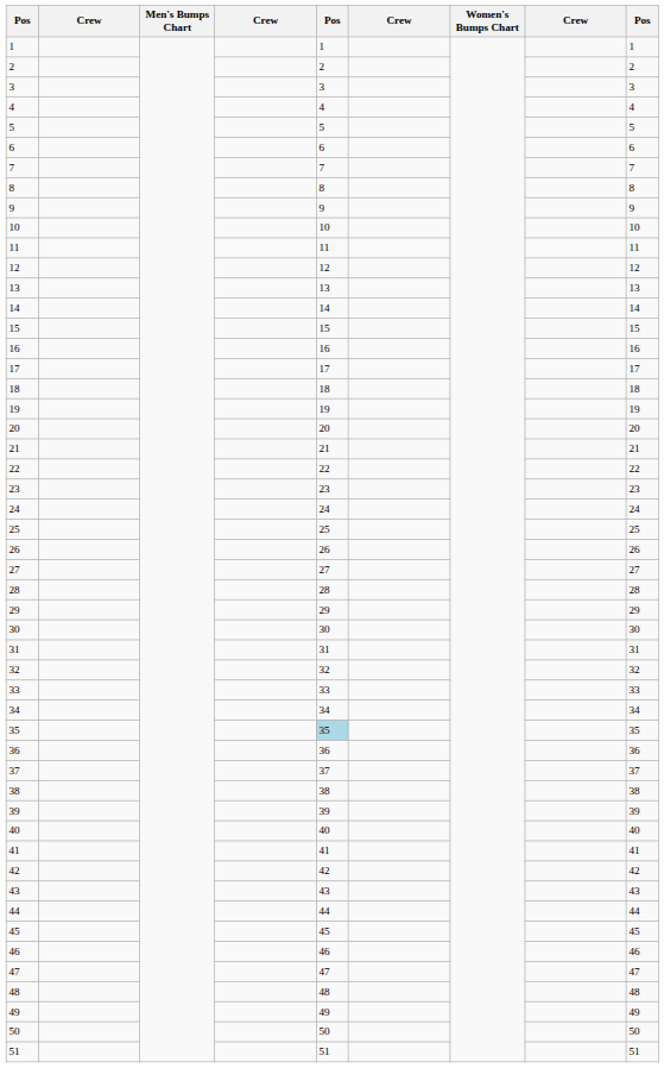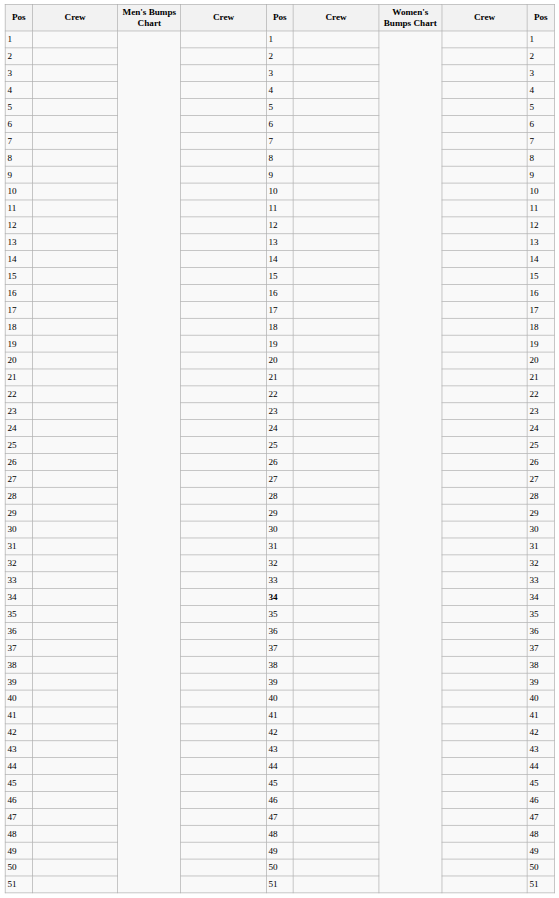 <table class="wikitable" style="font-size:88%; white-space:nowrap; margin:0.5em auto">
 <tr style="white-space:normal">
 <th width=35>Pos</th>
 <th width=125>Crew</th>
 <th width=90>Men's Bumps Chart</th>
 <th width=125>Crew</th>
 <th width=35>Pos</th>
 <th width=125>Crew</th>
 <th width=90>Women's Bumps Chart</th>
 <th width=125>Crew</th>
 <th width=35>Pos</th>
 </tr>
 <tr style="height:26px">
 <td>1</td>
 <td></td>
 <td rowspan="51" style="padding:0"><br></td>
 <td></td>
 <td>1</td>
 <td></td>
 <td rowspan="51" style="padding:0"><br></td>
 <td></td>
 <td>1</td>
 </tr>
 <tr style="height:26px">
 <td>2</td>
 <td></td>
 <td></td>
 <td>2</td>
 <td></td>
 <td></td>
 <td>2</td>
 </tr>
 <tr style="height:26px">
 <td>3</td>
 <td></td>
 <td></td>
 <td>3</td>
 <td></td>
 <td></td>
 <td>3</td>
 </tr>
 <tr style="height:26px">
 <td>4</td>
 <td></td>
 <td></td>
 <td>4</td>
 <td></td>
 <td></td>
 <td>4</td>
 </tr>
 <tr style="height:26px">
 <td>5</td>
 <td></td>
 <td></td>
 <td>5</td>
 <td></td>
 <td></td>
 <td>5</td>
 </tr>
 <tr style="height:26px">
 <td>6</td>
 <td></td>
 <td></td>
 <td>6</td>
 <td></td>
 <td></td>
 <td>6</td>
 </tr>
 <tr style="height:26px">
 <td>7</td>
 <td></td>
 <td></td>
 <td>7</td>
 <td></td>
 <td></td>
 <td>7</td>
 </tr>
 <tr style="height:26px">
 <td>8</td>
 <td></td>
 <td></td>
 <td>8</td>
 <td></td>
 <td></td>
 <td>8</td>
 </tr>
 <tr style="height:26px">
 <td>9</td>
 <td></td>
 <td></td>
 <td>9</td>
 <td></td>
 <td></td>
 <td>9</td>
 </tr>
 <tr style="height:26px">
 <td>10</td>
 <td></td>
 <td></td>
 <td>10</td>
 <td></td>
 <td></td>
 <td>10</td>
 </tr>
 <tr style="height:26px">
 <td>11</td>
 <td></td>
 <td></td>
 <td>11</td>
 <td></td>
 <td></td>
 <td>11</td>
 </tr>
 <tr style="height:26px">
 <td>12</td>
 <td></td>
 <td></td>
 <td>12</td>
 <td></td>
 <td></td>
 <td>12</td>
 </tr>
 <tr style="height:26px">
 <td>13</td>
 <td></td>
 <td></td>
 <td>13</td>
 <td></td>
 <td></td>
 <td>13</td>
 </tr>
 <tr style="height:26px">
 <td>14</td>
 <td></td>
 <td></td>
 <td>14</td>
 <td></td>
 <td></td>
 <td>14</td>
 </tr>
 <tr style="height:26px">
 <td>15</td>
 <td></td>
 <td></td>
 <td>15</td>
 <td></td>
 <td></td>
 <td>15</td>
 </tr>
 <tr style="height:26px">
 <td>16</td>
 <td></td>
 <td></td>
 <td>16</td>
 <td></td>
 <td></td>
 <td>16</td>
 </tr>
 <tr style="height:26px">
 <td>17</td>
 <td></td>
 <td></td>
 <td>17</td>
 <td></td>
 <td></td>
 <td>17</td>
 </tr>
 <tr style="height:26px">
 <td>18</td>
 <td></td>
 <td></td>
 <td>18</td>
 <td></td>
 <td></td>
 <td>18</td>
 </tr>
 <tr style="height:26px">
 <td>19</td>
 <td></td>
 <td></td>
 <td>19</td>
 <td></td>
 <td></td>
 <td>19</td>
 </tr>
 <tr style="height:26px">
 <td>20</td>
 <td></td>
 <td></td>
 <td>20</td>
 <td></td>
 <td></td>
 <td>20</td>
 </tr>
 <tr style="height:26px">
 <td>21</td>
 <td></td>
 <td></td>
 <td>21</td>
 <td></td>
 <td></td>
 <td>21</td>
 </tr>
 <tr style="height:26px">
 <td>22</td>
 <td></td>
 <td></td>
 <td>22</td>
 <td></td>
 <td></td>
 <td>22</td>
 </tr>
 <tr style="height:26px">
 <td>23</td>
 <td></td>
 <td></td>
 <td>23</td>
 <td></td>
 <td></td>
 <td>23</td>
 </tr>
 <tr style="height:26px">
 <td>24</td>
 <td></td>
 <td></td>
 <td>24</td>
 <td></td>
 <td></td>
 <td>24</td>
 </tr>
 <tr style="height:26px">
 <td>25</td>
 <td></td>
 <td></td>
 <td>25</td>
 <td></td>
 <td></td>
 <td>25</td>
 </tr>
 <tr style="height:26px">
 <td>26</td>
 <td></td>
 <td></td>
 <td>26</td>
 <td></td>
 <td></td>
 <td>26</td>
 </tr>
 <tr style="height:26px">
 <td>27</td>
 <td></td>
 <td></td>
 <td>27</td>
 <td></td>
 <td></td>
 <td>27</td>
 </tr>
 <tr style="height:26px">
 <td>28</td>
 <td></td>
 <td></td>
 <td>28</td>
 <td></td>
 <td></td>
 <td>28</td>
 </tr>
 <tr style="height:26px">
 <td>29</td>
 <td></td>
 <td></td>
 <td>29</td>
 <td></td>
 <td></td>
 <td>29</td>
 </tr>
 <tr style="height:26px">
 <td>30</td>
 <td></td>
 <td></td>
 <td>30</td>
 <td></td>
 <td></td>
 <td>30</td>
 </tr>
 <tr style="height:26px">
 <td>31</td>
 <td></td>
 <td></td>
 <td>31</td>
 <td></td>
 <td></td>
 <td>31</td>
 </tr>
 <tr style="height:26px">
 <td>32</td>
 <td></td>
 <td></td>
 <td>32</td>
 <td></td>
 <td></td>
 <td>32</td>
 </tr>
 <tr style="height:26px">
 <td>33</td>
 <td></td>
 <td></td>
 <td>33</td>
 <td></td>
 <td></td>
 <td>33</td>
 </tr>
 <tr style="height:26px">
 <td>34</td>
 <td></td>
 <td></td>
-<td>34</td>
+<td><strong>34</strong></td>
 <td></td>
 <td></td>
 <td>34</td>
 </tr>
 <tr style="height:26px">
 <td>35</td>
 <td></td>
 <td></td>
-<td style="background: lightblue;">35</td>
+<td>35</td>
 <td></td>
 <td></td>
 <td>35</td>
 </tr>
 <tr style="height:26px">
 <td>36</td>
 <td></td>
 <td></td>
 <td>36</td>
 <td></td>
 <td></td>
 <td>36</td>
 </tr>
 <tr style="height:26px">
 <td>37</td>
 <td></td>
 <td></td>
 <td>37</td>
 <td></td>
 <td></td>
 <td>37</td>
 </tr>
 <tr style="height:26px">
 <td>38</td>
 <td></td>
 <td></td>
 <td>38</td>
 <td></td>
 <td></td>
 <td>38</td>
 </tr>
 <tr style="height:26px">
 <td>39</td>
 <td></td>
 <td></td>
 <td>39</td>
 <td></td>
 <td></td>
 <td>39</td>
 </tr>
 <tr style="height:26px">
 <td>40</td>
 <td></td>
 <td></td>
 <td>40</td>
 <td></td>
 <td></td>
 <td>40</td>
 </tr>
 <tr style="height:26px">
 <td>41</td>
 <td></td>
 <td></td>
 <td>41</td>
 <td></td>
 <td></td>
 <td>41</td>
 </tr>
 <tr style="height:26px">
 <td>42</td>
 <td></td>
 <td></td>
 <td>42</td>
 <td></td>
 <td></td>
 <td>42</td>
 </tr>
 <tr style="height:26px">
 <td>43</td>
 <td></td>
 <td></td>
 <td>43</td>
 <td></td>
 <td></td>
 <td>43</td>
 </tr>
 <tr style="height:26px">
 <td>44</td>
 <td></td>
 <td></td>
 <td>44</td>
 <td></td>
 <td></td>
 <td>44</td>
 </tr>
 <tr style="height:26px">
 <td>45</td>
 <td></td>
 <td></td>
 <td>45</td>
 <td></td>
 <td></td>
 <td>45</td>
 </tr>
 <tr style="height:26px">
 <td>46</td>
 <td></td>
 <td></td>
 <td>46</td>
 <td></td>
 <td></td>
 <td>46</td>
 </tr>
 <tr style="height:26px">
 <td>47</td>
 <td></td>
 <td></td>
 <td>47</td>
 <td></td>
 <td></td>
 <td>47</td>
 </tr>
 <tr style="height:26px">
 <td>48</td>
 <td></td>
 <td></td>
 <td>48</td>
 <td></td>
 <td></td>
 <td>48</td>
 </tr>
 <tr style="height:26px">
 <td>49</td>
 <td></td>
 <td></td>
 <td>49</td>
 <td></td>
 <td></td>
 <td>49</td>
 </tr>
 <tr style="height:26px">
 <td>50</td>
 <td></td>
 <td></td>
 <td>50</td>
 <td></td>
 <td></td>
 <td>50</td>
 </tr>
 <tr style="height:26px">
 <td>51</td>
 <td></td>
 <td></td>
 <td>51</td>
 <td></td>
 <td></td>
 <td>51</td>
 </tr>
 </table>
